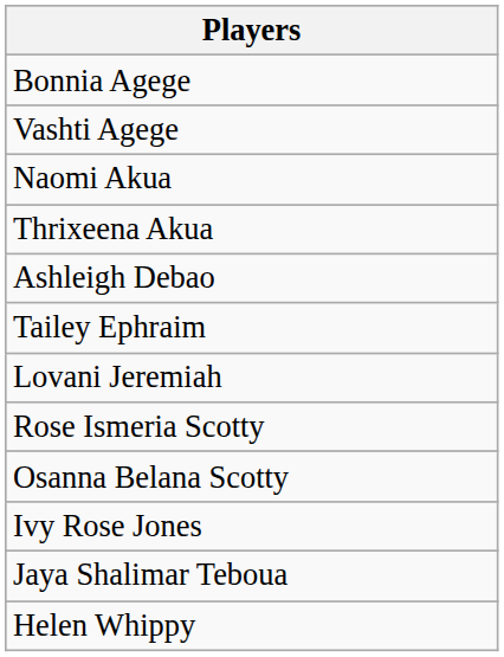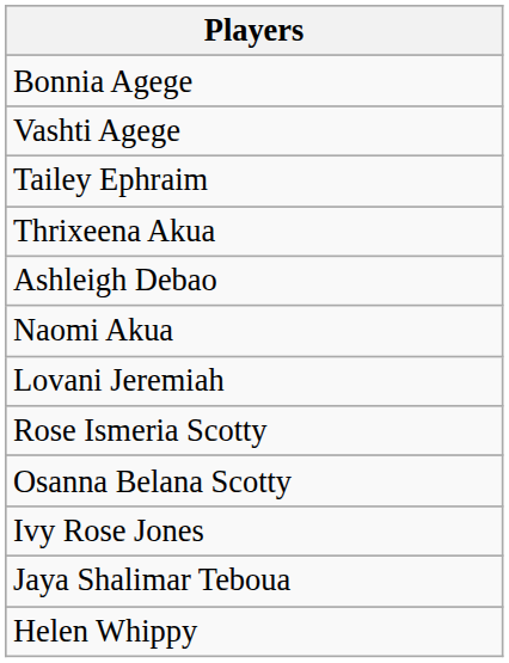 <table class=wikitable style="width:20%">
 <tr>
 <th>Players</th>
 </tr>
 <tr>
 <td>Bonnia Agege</td>
 </tr>
 <tr>
 <td>Vashti Agege</td>
 </tr>
 <tr>
-<td>Naomi Akua</td>
+<td>Tailey Ephraim</td>
 </tr>
 <tr>
 <td>Thrixeena Akua</td>
 </tr>
 <tr>
 <td>Ashleigh Debao</td>
 </tr>
 <tr>
-<td>Tailey Ephraim</td>
+<td>Naomi Akua</td>
 </tr>
 <tr>
 <td>Lovani Jeremiah</td>
 </tr>
 <tr>
 <td>Rose Ismeria Scotty</td>
 </tr>
 <tr>
 <td>Osanna Belana Scotty</td>
 </tr>
 <tr>
 <td>Ivy Rose Jones</td>
 </tr>
 <tr>
 <td>Jaya Shalimar Teboua</td>
 </tr>
 <tr>
 <td>Helen Whippy</td>
 </tr>
 </table>
